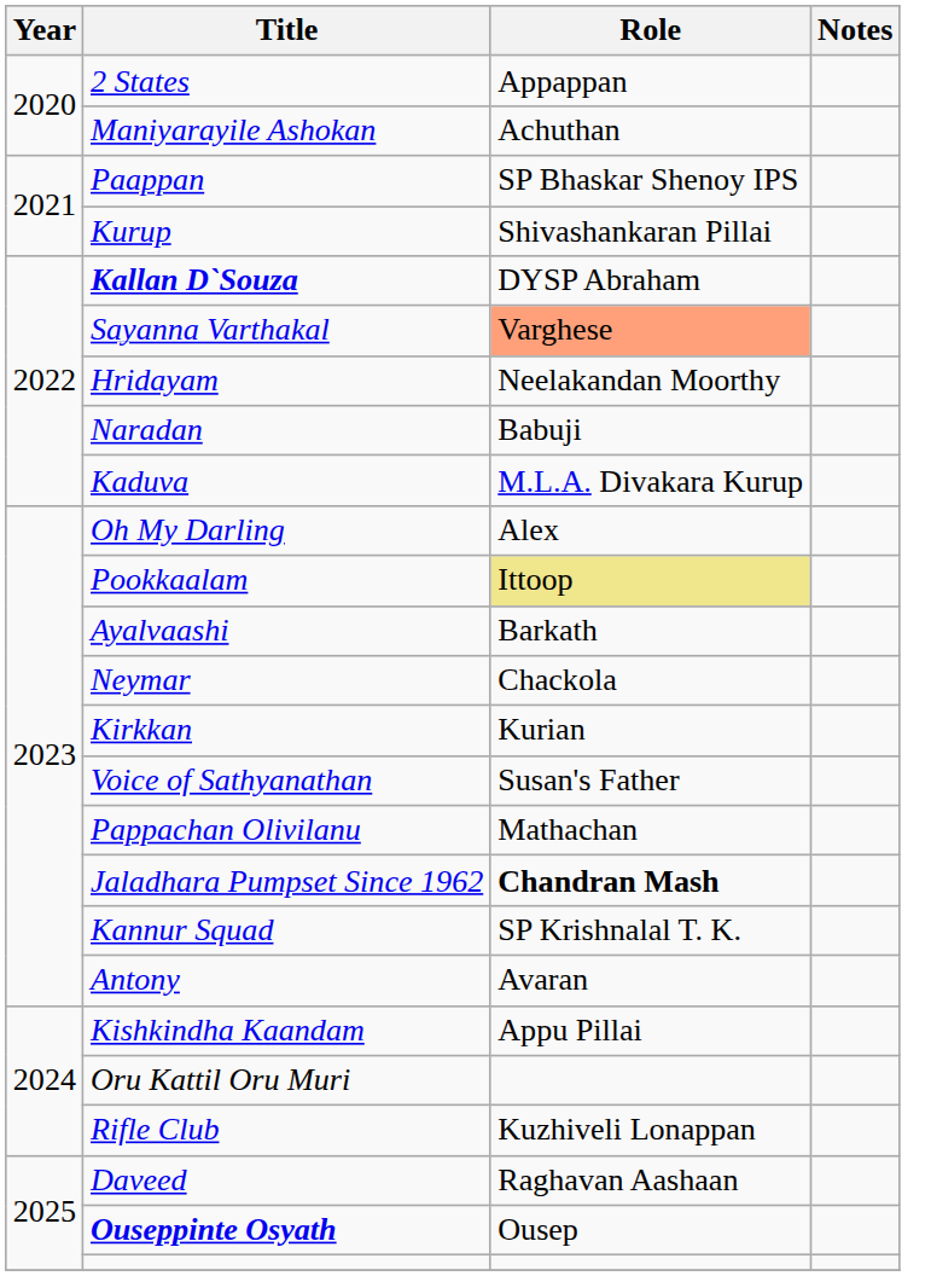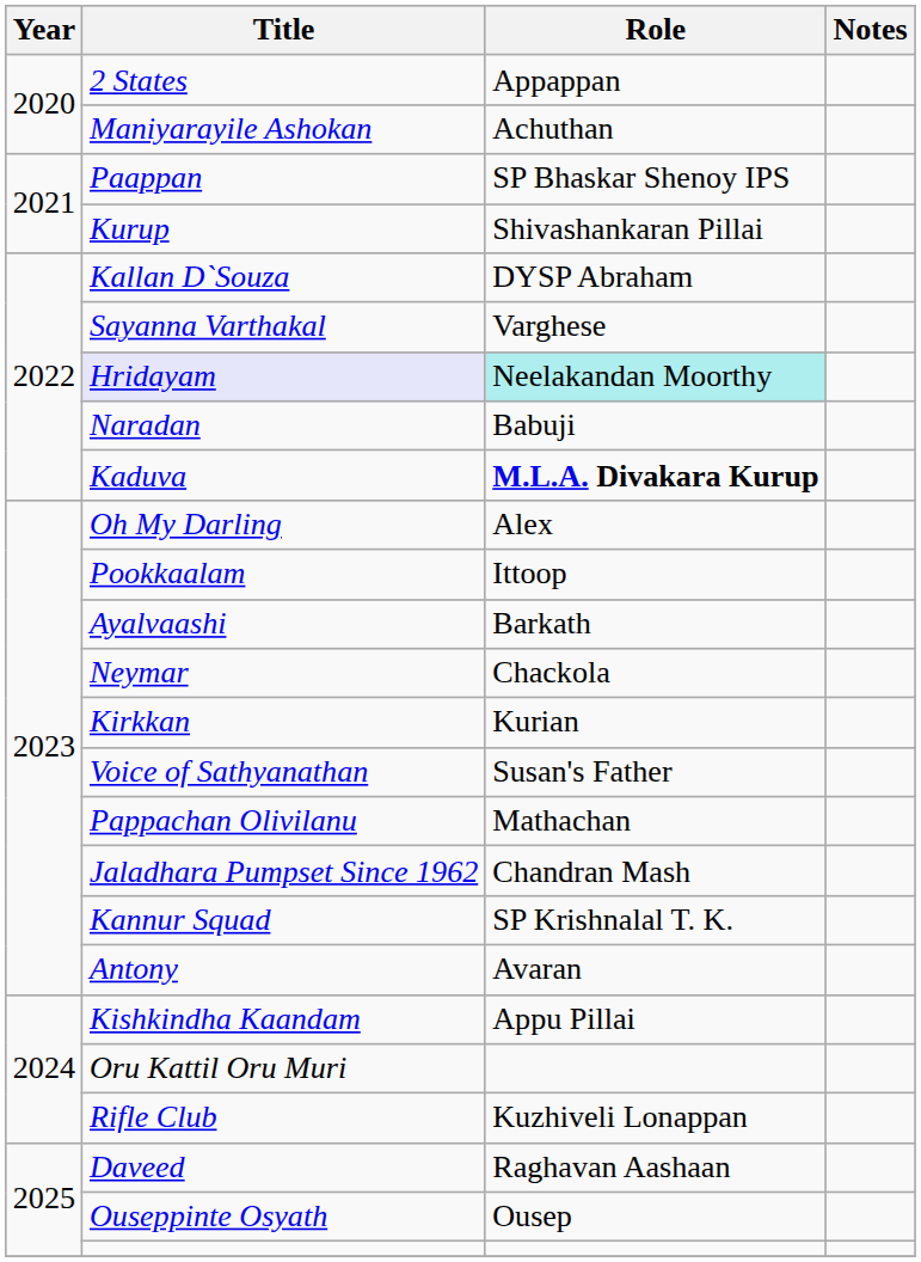 <table class="wikitable sortable">
 <tr>
 <th>Year</th>
 <th>Title</th>
 <th>Role</th>
 <th class="unsortable">Notes</th>
 </tr>
 <tr>
 <td rowspan=2>2020</td>
 <td><em><a href='#'>2 States</a></em></td>
 <td>Appappan</td>
 <td></td>
 </tr>
 <tr>
 <td><em><a href='#'>Maniyarayile Ashokan</a></em></td>
 <td>Achuthan</td>
 <td></td>
 </tr>
 <tr>
 <td rowspan=2>2021</td>
 <td><em><a href='#'>Paappan</a></em></td>
 <td>SP Bhaskar Shenoy IPS</td>
 <td></td>
 </tr>
 <tr>
 <td><em><a href='#'>Kurup</a></em></td>
 <td>Shivashankaran Pillai</td>
 <td></td>
 </tr>
 <tr>
 <td rowspan=5>2022</td>
-<td><strong><em><a href='#'>Kallan D`Souza</a></em></strong></td>
+<td><em><a href='#'>Kallan D`Souza</a></em></td>
 <td>DYSP Abraham</td>
 <td></td>
 </tr>
 <tr>
 <td><em><a href='#'>Sayanna Varthakal</a></em></td>
-<td style="background: lightsalmon;">Varghese</td>
+<td>Varghese</td>
 <td></td>
 </tr>
 <tr>
-<td><em><a href='#'>Hridayam</a></em></td>
-<td>Neelakandan Moorthy</td>
+<td style="background: lavender;"><em><a href='#'>Hridayam</a></em></td>
+<td style="background: paleturquoise;">Neelakandan Moorthy</td>
 <td></td>
 </tr>
 <tr>
 <td><em><a href='#'>Naradan</a></em></td>
 <td>Babuji</td>
 <td></td>
 </tr>
 <tr>
 <td><em><a href='#'>Kaduva</a></em></td>
-<td><a href='#'>M.L.A.</a> Divakara Kurup</td>
+<td><strong><a href='#'>M.L.A.</a> Divakara Kurup</strong></td>
 <td></td>
 </tr>
 <tr>
 <td rowspan=10>2023</td>
 <td><em><a href='#'>Oh My Darling</a></em></td>
 <td>Alex</td>
 <td></td>
 </tr>
 <tr>
 <td><em><a href='#'>Pookkaalam</a></em></td>
-<td style="background: khaki;">Ittoop</td>
+<td>Ittoop</td>
 <td></td>
 </tr>
 <tr>
 <td><em><a href='#'>Ayalvaashi</a></em></td>
 <td>Barkath</td>
 <td></td>
 </tr>
 <tr>
 <td><em><a href='#'>Neymar</a></em></td>
 <td>Chackola</td>
 <td></td>
 </tr>
 <tr>
 <td><em><a href='#'>Kirkkan</a></em></td>
 <td>Kurian</td>
 <td></td>
 </tr>
 <tr>
 <td><em><a href='#'>Voice of Sathyanathan</a></em></td>
 <td>Susan's Father</td>
 <td></td>
 </tr>
 <tr>
 <td><em><a href='#'>Pappachan Olivilanu</a></em></td>
 <td>Mathachan</td>
 <td></td>
 </tr>
 <tr>
 <td><em><a href='#'>Jaladhara Pumpset Since 1962</a></em></td>
-<td><strong>Chandran Mash</strong></td>
+<td>Chandran Mash</td>
 <td></td>
 </tr>
 <tr>
 <td><em><a href='#'>Kannur Squad</a></em></td>
 <td>SP Krishnalal T. K.</td>
 <td></td>
 </tr>
 <tr>
 <td><em><a href='#'>Antony</a></em></td>
 <td>Avaran</td>
 <td></td>
 </tr>
 <tr>
 <td rowspan=3>2024</td>
 <td><em><a href='#'>Kishkindha Kaandam</a></em></td>
 <td>Appu Pillai</td>
 <td></td>
 </tr>
 <tr>
 <td><em>Oru Kattil Oru Muri</em></td>
 <td></td>
 <td></td>
 </tr>
 <tr>
 <td><em><a href='#'>Rifle Club</a></em></td>
 <td>Kuzhiveli Lonappan</td>
 <td></td>
 </tr>
 <tr>
 <td rowspan=3>2025</td>
 <td><em><a href='#'>Daveed</a></em></td>
 <td>Raghavan Aashaan</td>
 <td></td>
 </tr>
 <tr>
-<td><strong><em><a href='#'>Ouseppinte Osyath</a></em></strong></td>
+<td><em><a href='#'>Ouseppinte Osyath</a></em></td>
 <td>Ousep</td>
 <td></td>
 </tr>
 <tr>
 <td></td>
 <td></td>
 <td></td>
 </tr>
 <tr>
 </tr>
 </table>
